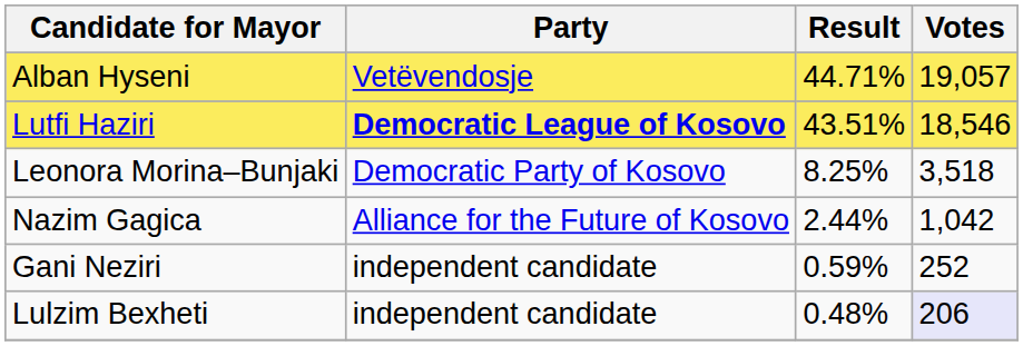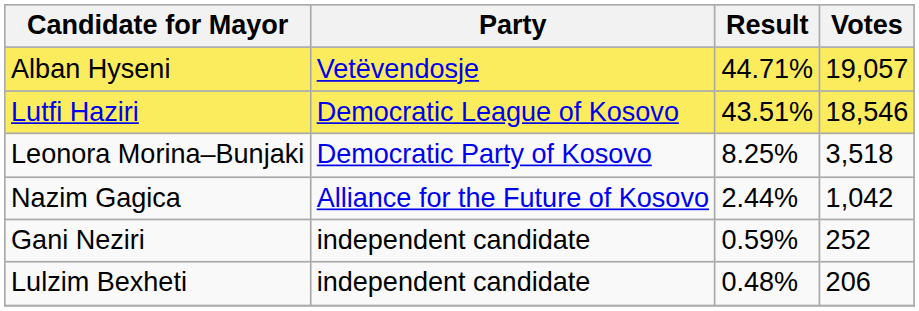 <table class=wikitable>
 <tr>
 <th>Candidate for Mayor</th>
 <th>Party</th>
 <th>Result</th>
 <th>Votes</th>
 </tr>
 <tr>
 <td style="background:#FBEC5D;">Alban Hyseni</td>
 <td style="background:#FBEC5D;"><a href='#'>Vetëvendosje</a></td>
 <td style="background:#FBEC5D;">44.71%</td>
 <td style="background:#FBEC5D;">19,057</td>
 </tr>
 <tr>
 <td style="background:#FBEC5D;"><a href='#'>Lutfi Haziri</a></td>
-<td style="background:#FBEC5D;"><strong><a href='#'>Democratic League of Kosovo</a></strong></td>
+<td style="background:#FBEC5D;"><a href='#'>Democratic League of Kosovo</a></td>
 <td style="background:#FBEC5D;">43.51%</td>
 <td style="background:#FBEC5D;">18,546</td>
 </tr>
 <tr>
 <td>Leonora Morina–Bunjaki</td>
 <td><a href='#'>Democratic Party of Kosovo</a></td>
 <td>8.25%</td>
 <td>3,518</td>
 </tr>
 <tr>
 <td>Nazim Gagica</td>
 <td><a href='#'>Alliance for the Future of Kosovo</a></td>
 <td>2.44%</td>
 <td>1,042</td>
 </tr>
 <tr>
 <td>Gani Neziri</td>
 <td>independent candidate</td>
 <td>0.59%</td>
 <td>252</td>
 </tr>
 <tr>
 <td>Lulzim Bexheti</td>
 <td>independent candidate</td>
 <td>0.48%</td>
-<td style="background: lavender;">206</td>
+<td>206</td>
 </tr>
 <tr>
 </tr>
 </table>
